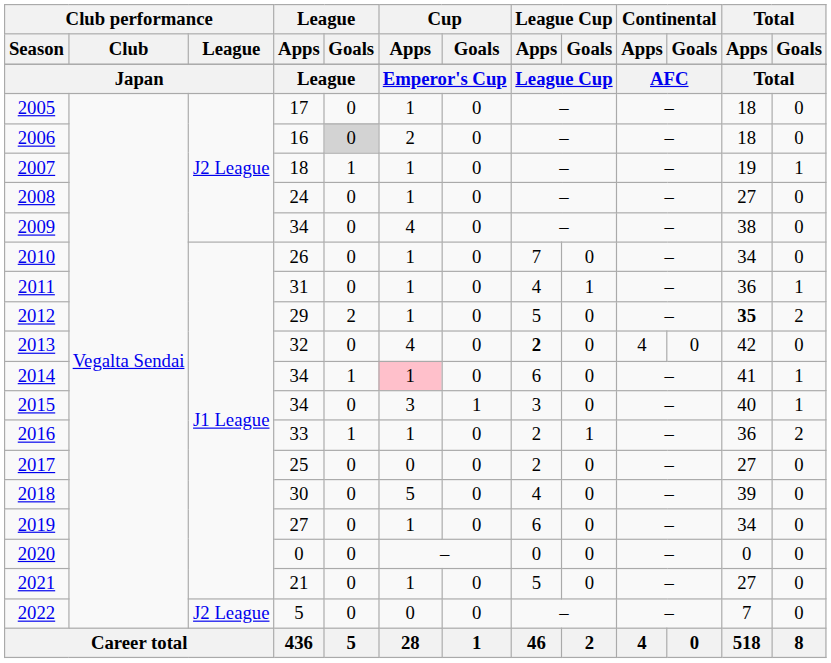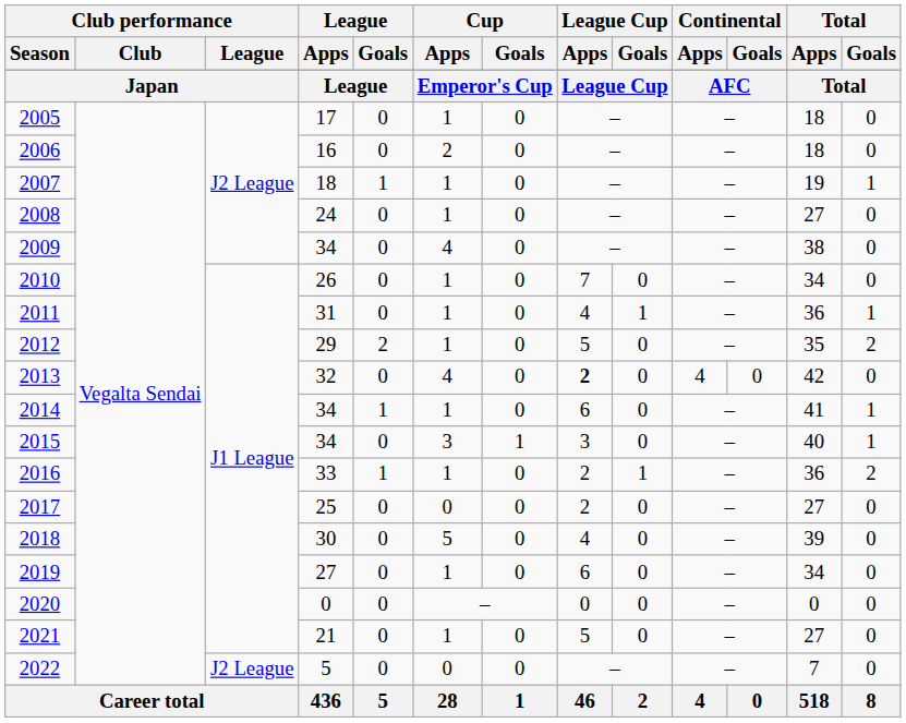 <table class="wikitable" style="text-align:center">
 <tr>
 <th colspan=3>Club performance</th>
 <th colspan=2>League</th>
 <th colspan=2>Cup</th>
 <th colspan=2>League Cup</th>
 <th colspan=2>Continental</th>
 <th colspan=2>Total</th>
 </tr>
 <tr>
 <th>Season</th>
 <th>Club</th>
 <th>League</th>
 <th>Apps</th>
 <th>Goals</th>
 <th>Apps</th>
 <th>Goals</th>
 <th>Apps</th>
 <th>Goals</th>
 <th>Apps</th>
 <th>Goals</th>
 <th>Apps</th>
 <th>Goals</th>
 </tr>
 <tr>
 </tr>
 <tr>
 <th colspan=3>Japan</th>
 <th colspan=2>League</th>
 <th colspan=2><a href='#'>Emperor's Cup</a></th>
 <th colspan=2><a href='#'>League Cup</a></th>
 <th colspan=2><a href='#'>AFC</a></th>
 <th colspan=2>Total</th>
 </tr>
 <tr>
 <td><a href='#'>2005</a></td>
 <td rowspan="18"><a href='#'>Vegalta Sendai</a></td>
 <td rowspan="5"><a href='#'>J2 League</a></td>
 <td>17</td>
 <td>0</td>
 <td>1</td>
 <td>0</td>
 <td colspan="2">–</td>
 <td colspan="2">–</td>
 <td>18</td>
 <td>0</td>
 </tr>
 <tr>
 <td><a href='#'>2006</a></td>
 <td>16</td>
-<td style="background: lightgrey;">0</td>
+<td>0</td>
 <td>2</td>
 <td>0</td>
 <td colspan="2">–</td>
 <td colspan="2">–</td>
 <td>18</td>
 <td>0</td>
 </tr>
 <tr>
 <td><a href='#'>2007</a></td>
 <td>18</td>
 <td>1</td>
 <td>1</td>
 <td>0</td>
 <td colspan="2">–</td>
 <td colspan="2">–</td>
 <td>19</td>
 <td>1</td>
 </tr>
 <tr>
 <td><a href='#'>2008</a></td>
 <td>24</td>
 <td>0</td>
 <td>1</td>
 <td>0</td>
 <td colspan="2">–</td>
 <td colspan="2">–</td>
 <td>27</td>
 <td>0</td>
 </tr>
 <tr>
 <td><a href='#'>2009</a></td>
 <td>34</td>
 <td>0</td>
 <td>4</td>
 <td>0</td>
 <td colspan="2">–</td>
 <td colspan="2">–</td>
 <td>38</td>
 <td>0</td>
 </tr>
 <tr>
 <td><a href='#'>2010</a></td>
 <td rowspan="12"><a href='#'>J1 League</a></td>
 <td>26</td>
 <td>0</td>
 <td>1</td>
 <td>0</td>
 <td>7</td>
 <td>0</td>
 <td colspan="2">–</td>
 <td>34</td>
 <td>0</td>
 </tr>
 <tr>
 <td><a href='#'>2011</a></td>
 <td>31</td>
 <td>0</td>
 <td>1</td>
 <td>0</td>
 <td>4</td>
 <td>1</td>
 <td colspan="2">–</td>
 <td>36</td>
 <td>1</td>
 </tr>
 <tr>
 <td><a href='#'>2012</a></td>
 <td>29</td>
 <td>2</td>
 <td>1</td>
 <td>0</td>
 <td>5</td>
 <td>0</td>
 <td colspan="2">–</td>
-<td><strong>35</strong></td>
+<td>35</td>
 <td>2</td>
 </tr>
 <tr>
 <td><a href='#'>2013</a></td>
 <td>32</td>
 <td>0</td>
 <td>4</td>
 <td>0</td>
 <td><strong>2</strong></td>
 <td>0</td>
 <td>4</td>
 <td>0</td>
 <td>42</td>
 <td>0</td>
 </tr>
 <tr>
 <td><a href='#'>2014</a></td>
 <td>34</td>
 <td>1</td>
-<td style="background: pink;">1</td>
+<td>1</td>
 <td>0</td>
 <td>6</td>
 <td>0</td>
 <td colspan="2">–</td>
 <td>41</td>
 <td>1</td>
 </tr>
 <tr>
 <td><a href='#'>2015</a></td>
 <td>34</td>
 <td>0</td>
 <td>3</td>
 <td>1</td>
 <td>3</td>
 <td>0</td>
 <td colspan="2">–</td>
 <td>40</td>
 <td>1</td>
 </tr>
 <tr>
 <td><a href='#'>2016</a></td>
 <td>33</td>
 <td>1</td>
 <td>1</td>
 <td>0</td>
 <td>2</td>
 <td>1</td>
 <td colspan="2">–</td>
 <td>36</td>
 <td>2</td>
 </tr>
 <tr>
 <td><a href='#'>2017</a></td>
 <td>25</td>
 <td>0</td>
 <td>0</td>
 <td>0</td>
 <td>2</td>
 <td>0</td>
 <td colspan="2">–</td>
 <td>27</td>
 <td>0</td>
 </tr>
 <tr>
 <td><a href='#'>2018</a></td>
 <td>30</td>
 <td>0</td>
 <td>5</td>
 <td>0</td>
 <td>4</td>
 <td>0</td>
 <td colspan="2">–</td>
 <td>39</td>
 <td>0</td>
 </tr>
 <tr>
 <td><a href='#'>2019</a></td>
 <td>27</td>
 <td>0</td>
 <td>1</td>
 <td>0</td>
 <td>6</td>
 <td>0</td>
 <td colspan="2">–</td>
 <td>34</td>
 <td>0</td>
 </tr>
 <tr>
 <td><a href='#'>2020</a></td>
 <td>0</td>
 <td>0</td>
 <td colspan="2">–</td>
 <td>0</td>
 <td>0</td>
 <td colspan="2">–</td>
 <td>0</td>
 <td>0</td>
 </tr>
 <tr>
 <td><a href='#'>2021</a></td>
 <td>21</td>
 <td>0</td>
 <td>1</td>
 <td>0</td>
 <td>5</td>
 <td>0</td>
 <td colspan="2">–</td>
 <td>27</td>
 <td>0</td>
 </tr>
 <tr>
 <td><a href='#'>2022</a></td>
 <td><a href='#'>J2 League</a></td>
 <td>5</td>
 <td>0</td>
 <td>0</td>
 <td>0</td>
 <td colspan="2">–</td>
 <td colspan="2">–</td>
 <td>7</td>
 <td>0</td>
 </tr>
 <tr>
 <th colspan="3">Career total</th>
 <th>436</th>
 <th>5</th>
 <th>28</th>
 <th>1</th>
 <th>46</th>
 <th>2</th>
 <th>4</th>
 <th>0</th>
 <th>518</th>
 <th>8</th>
 </tr>
 </table>
